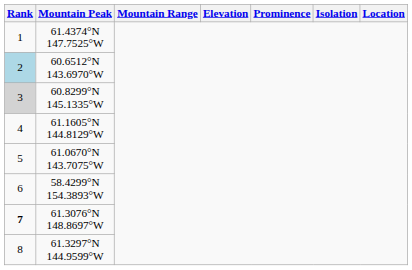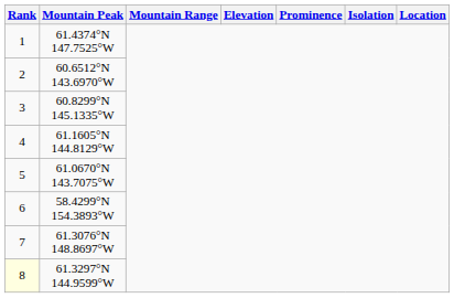 <table class="wikitable sortable">
 <tr>
 <th><a href='#'>Rank</a></th>
 <th><a href='#'>Mountain Peak</a></th>
 <th><a href='#'>Mountain Range</a></th>
 <th><a href='#'>Elevation</a></th>
 <th><a href='#'>Prominence</a></th>
 <th><a href='#'>Isolation</a></th>
 <th><a href='#'>Location</a></th>
 </tr>
 <tr>
 <td align=center>1<br>  </td>
 <td align=center>61.4374°N<br>147.7525°W</td>
 </tr>
 <tr>
-<td align=center style="background: lightblue;">2<br>  </td>
+<td align=center>2<br>  </td>
 <td align=center>60.6512°N<br>143.6970°W</td>
 </tr>
 <tr>
-<td align=center style="background: lightgrey;">3<br>  </td>
+<td align=center>3<br>  </td>
 <td align=center>60.8299°N<br>145.1335°W</td>
 </tr>
 <tr>
 <td align=center>4<br>  </td>
 <td align=center>61.1605°N<br>144.8129°W</td>
 </tr>
 <tr>
 <td align=center>5<br>  </td>
 <td align=center>61.0670°N<br>143.7075°W</td>
 </tr>
 <tr>
 <td align=center>6<br>  </td>
 <td align=center>58.4299°N<br>154.3893°W</td>
 </tr>
 <tr>
-<td align=center><strong>7<br>  </strong></td>
+<td align=center>7<br>  </td>
 <td align=center>61.3076°N<br>148.8697°W</td>
 </tr>
 <tr>
-<td align=center>8<br>  </td>
+<td align=center style="background: lightyellow;">8<br>  </td>
 <td align=center>61.3297°N<br>144.9599°W</td>
 </tr>
 </table>
